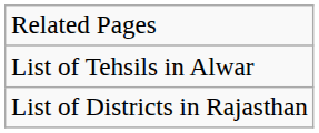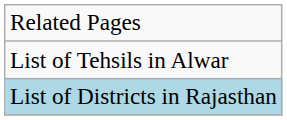 <table class="wikitable">
 <tr>
 <td>Related Pages</td>
 </tr>
 <tr>
 <td>List of Tehsils in Alwar</td>
 </tr>
 <tr>
-<td>List of Districts in Rajasthan</td>
+<td style="background: lightblue;">List of Districts in Rajasthan</td>
 </tr>
 </table>
